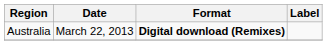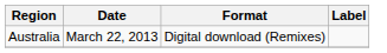 <table class=wikitable>
 <tr>
 <th>Region</th>
 <th>Date</th>
 <th>Format</th>
 <th>Label</th>
 </tr>
 <tr>
 <td>Australia</td>
 <td>March 22, 2013</td>
-<td><strong>Digital download (Remixes)</strong></td>
+<td>Digital download (Remixes)</td>
 <td></td>
 </tr>
 <tr>
 </tr>
 </table>
